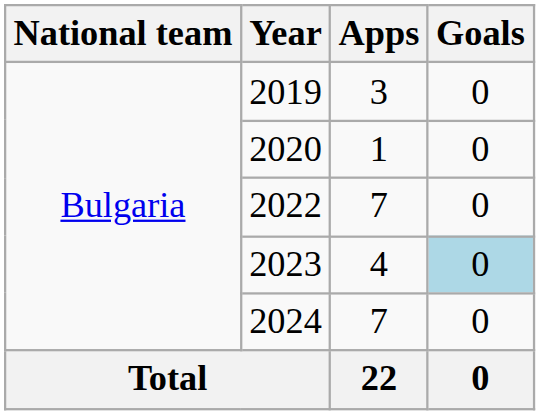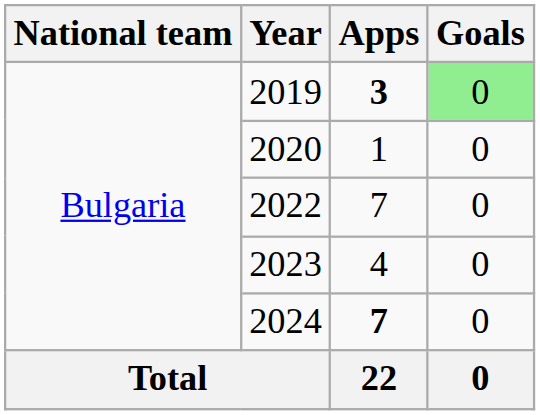 <table class="wikitable" style="text-align:center">
 <tr>
 <th>National team</th>
 <th>Year</th>
 <th>Apps</th>
 <th>Goals</th>
 </tr>
 <tr>
 <td rowspan="5"><a href='#'>Bulgaria</a></td>
 <td>2019</td>
-<td>3</td>
-<td>0</td>
+<td><strong>3</strong></td>
+<td style="background: lightgreen;">0</td>
 </tr>
 <tr>
 <td>2020</td>
 <td>1</td>
 <td>0</td>
 </tr>
 <tr>
 <td>2022</td>
 <td>7</td>
 <td>0</td>
 </tr>
 <tr>
 <td>2023</td>
 <td>4</td>
-<td style="background: lightblue;">0</td>
+<td>0</td>
 </tr>
 <tr>
 <td>2024</td>
-<td>7</td>
+<td><strong>7</strong></td>
 <td>0</td>
 </tr>
 <tr>
 <th colspan="2">Total</th>
 <th>22</th>
 <th>0</th>
 </tr>
 </table>
